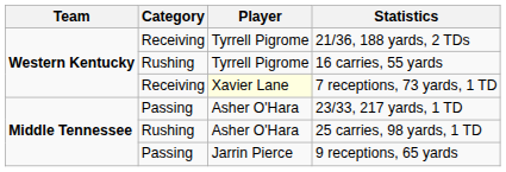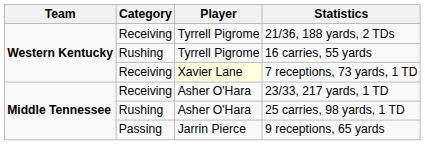 <table class="wikitable" style="float: left;">
 <tr>
 <th>Team</th>
 <th>Category</th>
 <th>Player</th>
 <th>Statistics</th>
 </tr>
 <tr>
 <td rowspan=3><strong>Western Kentucky</strong></td>
 <td>Receiving</td>
 <td>Tyrrell Pigrome</td>
 <td>21/36, 188 yards, 2 TDs</td>
 </tr>
 <tr>
 <td>Rushing</td>
 <td>Tyrrell Pigrome</td>
 <td>16 carries, 55 yards</td>
 </tr>
 <tr>
 <td>Receiving</td>
 <td style="background: lightyellow;">Xavier Lane</td>
 <td>7 receptions, 73 yards, 1 TD</td>
 </tr>
 <tr>
 <td rowspan=3><strong>Middle Tennessee</strong></td>
-<td>Passing</td>
+<td>Receiving</td>
 <td>Asher O'Hara</td>
 <td>23/33, 217 yards, 1 TD</td>
 </tr>
 <tr>
 <td>Rushing</td>
 <td>Asher O'Hara</td>
 <td>25 carries, 98 yards, 1 TD</td>
 </tr>
 <tr>
 <td>Passing</td>
 <td>Jarrin Pierce</td>
 <td>9 receptions, 65 yards</td>
 </tr>
 </table>
